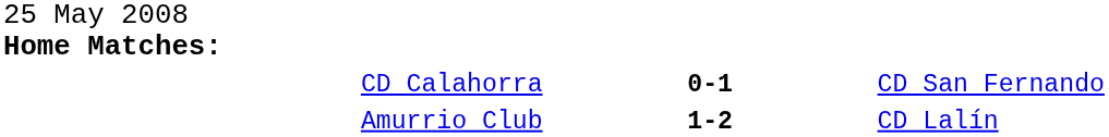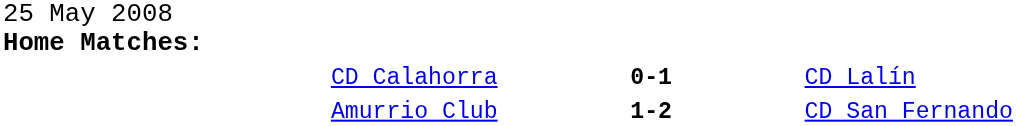 <table width=100% cellspacing=1>
 <tr>
 <th width=20%></th>
 <th width=12%></th>
 <th width=20%></th>
 <th></th>
 </tr>
 <tr>
 <td>25 May 2008<br><strong>Home Matches:</strong></td>
 </tr>
 <tr style=font-size:90%>
 <td align=right><a href='#'>CD Calahorra</a></td>
 <td align=center><strong>0-1</strong></td>
-<td><a href='#'>CD San Fernando</a></td>
+<td><a href='#'>CD Lalín</a></td>
 </tr>
 <tr style=font-size:90%>
 <td align=right><a href='#'>Amurrio Club</a></td>
 <td align=center><strong>1-2</strong></td>
-<td><a href='#'>CD Lalín</a></td>
+<td><a href='#'>CD San Fernando</a></td>
 </tr>
 </table>
